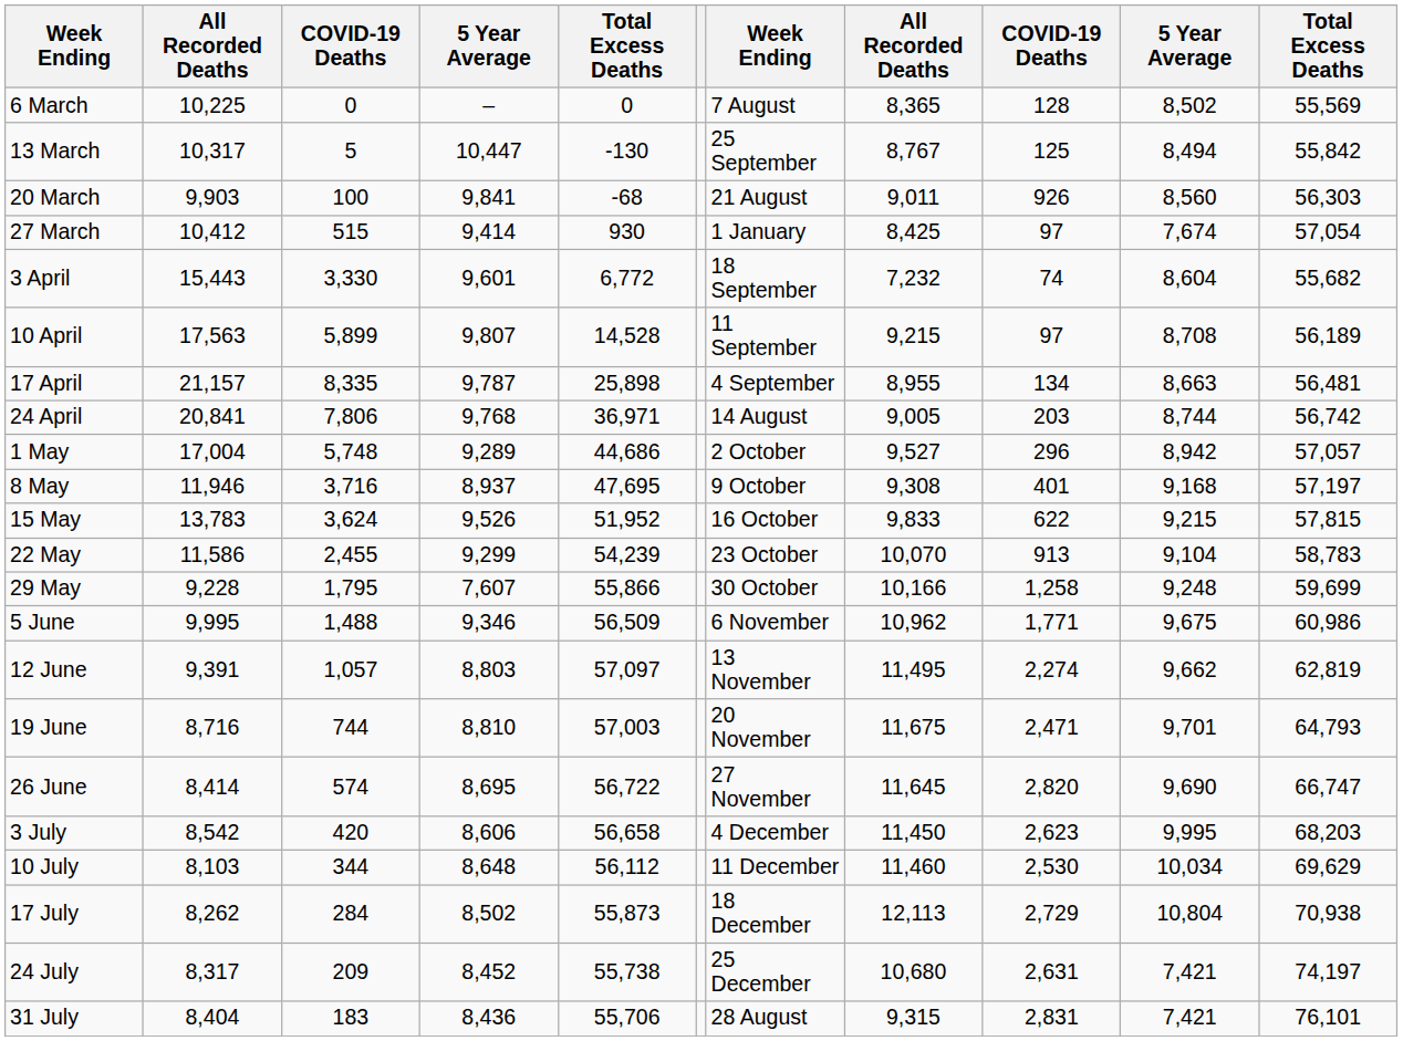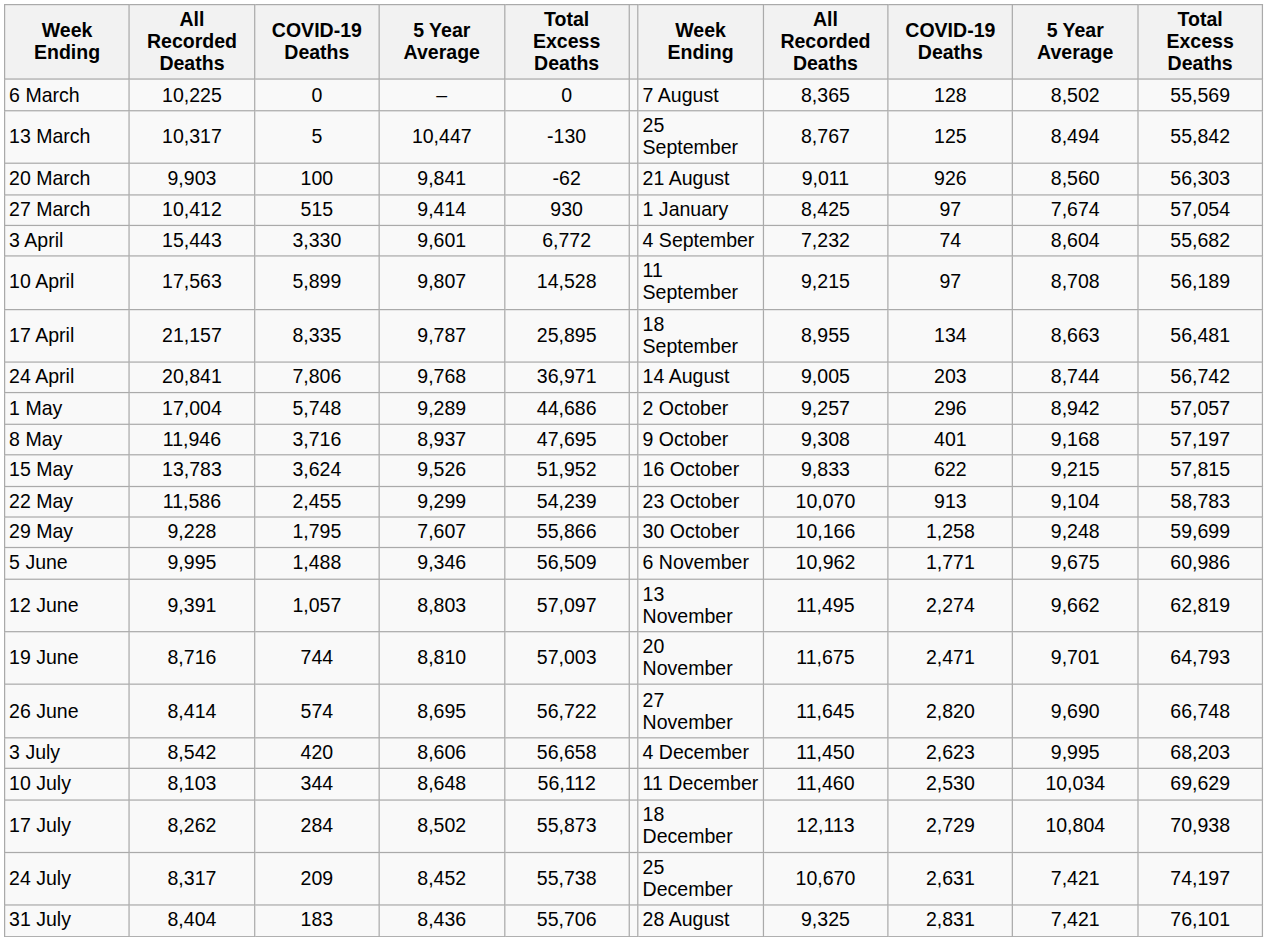 <table class="wikitable">
 <tr>
 <th>Week Ending</th>
 <th>All Recorded Deaths</th>
 <th>COVID-19 Deaths</th>
 <th>5 Year Average</th>
 <th>Total Excess Deaths</th>
 <th></th>
 <th>Week Ending</th>
 <th>All Recorded Deaths</th>
 <th>COVID-19 Deaths</th>
 <th>5 Year Average</th>
 <th>Total Excess Deaths</th>
 </tr>
 <tr>
 <td style="width: 95px">6 March</td>
 <td style="width: 95px; text-align:center">10,225</td>
 <td style="width: 95px; text-align:center">0</td>
 <td style="width: 95px; text-align:center">–</td>
 <td style="width: 95px; text-align:center">0</td>
 <td></td>
 <td style="width: 95px">7 August</td>
 <td style="width: 95px; text-align:center">8,365</td>
 <td style="width: 95px; text-align:center">128</td>
 <td style="width: 95px; text-align:center">8,502</td>
 <td style="width: 95px; text-align:center">55,569</td>
 </tr>
 <tr>
 <td style="width: 95px">13 March</td>
 <td style="width: 95px; text-align:center">10,317</td>
 <td style="width: 95px; text-align:center">5</td>
 <td style="width: 95px; text-align:center">10,447</td>
 <td style="width: 95px; text-align:center">-130</td>
 <td></td>
 <td>25 September</td>
 <td style="width: 95px; text-align:center">8,767</td>
 <td style="width: 95px; text-align:center">125</td>
 <td style="width: 95px; text-align:center">8,494</td>
 <td style="width: 95px; text-align:center">55,842</td>
 </tr>
 <tr>
 <td>20 March</td>
 <td style=" text-align:center">9,903</td>
 <td style=" text-align:center">100</td>
 <td style=" text-align:center">9,841</td>
-<td style=" text-align:center">-68</td>
+<td style=" text-align:center">-62</td>
 <td></td>
 <td>21 August</td>
 <td style=" text-align:center">9,011</td>
 <td style=" text-align:center">926</td>
 <td style=" text-align:center">8,560</td>
 <td style=" text-align:center">56,303</td>
 </tr>
 <tr>
 <td>27 March</td>
 <td style=" text-align:center">10,412</td>
 <td style=" text-align:center">515</td>
 <td style=" text-align:center">9,414</td>
 <td style=" text-align:center">930</td>
 <td></td>
 <td>1 January</td>
 <td style=" text-align:center">8,425</td>
 <td style=" text-align:center">97</td>
 <td style=" text-align:center">7,674</td>
 <td style=" text-align:center">57,054</td>
 </tr>
 <tr>
 <td>3 April</td>
 <td style=" text-align:center">15,443</td>
 <td style=" text-align:center">3,330</td>
 <td style=" text-align:center">9,601</td>
 <td style=" text-align:center">6,772</td>
 <td></td>
-<td>18 September</td>
+<td>4 September</td>
 <td style=" text-align:center">7,232</td>
 <td style=" text-align:center">74</td>
 <td style=" text-align:center">8,604</td>
 <td style=" text-align:center">55,682</td>
 </tr>
 <tr>
 <td>10 April</td>
 <td style=" text-align:center">17,563</td>
 <td style=" text-align:center">5,899</td>
 <td style=" text-align:center">9,807</td>
 <td style=" text-align:center">14,528</td>
 <td></td>
 <td>11 September</td>
 <td style=" text-align:center">9,215</td>
 <td style=" text-align:center">97</td>
 <td style=" text-align:center">8,708</td>
 <td style=" text-align:center">56,189</td>
 </tr>
 <tr>
 <td>17 April</td>
 <td style=" text-align:center">21,157</td>
 <td style=" text-align:center">8,335</td>
 <td style=" text-align:center">9,787</td>
-<td style=" text-align:center">25,898</td>
+<td style=" text-align:center">25,895</td>
 <td></td>
-<td>4 September</td>
+<td>18 September</td>
 <td style=" text-align:center">8,955</td>
 <td style=" text-align:center">134</td>
 <td style=" text-align:center">8,663</td>
 <td style=" text-align:center">56,481</td>
 </tr>
 <tr>
 <td>24 April</td>
 <td style=" text-align:center">20,841</td>
 <td style=" text-align:center">7,806</td>
 <td style=" text-align:center">9,768</td>
 <td style=" text-align:center">36,971</td>
 <td></td>
 <td style="width: 95px">14 August</td>
 <td style=" text-align:center">9,005</td>
 <td style=" text-align:center">203</td>
 <td style=" text-align:center">8,744</td>
 <td style=" text-align:center">56,742</td>
 </tr>
 <tr>
 <td>1 May</td>
 <td style=" text-align:center">17,004</td>
 <td style=" text-align:center">5,748</td>
 <td style=" text-align:center">9,289</td>
 <td style=" text-align:center">44,686</td>
 <td></td>
 <td>2 October</td>
-<td style=" text-align:center">9,527</td>
+<td style=" text-align:center">9,257</td>
 <td style=" text-align:center">296</td>
 <td style=" text-align:center">8,942</td>
 <td style=" text-align:center">57,057</td>
 </tr>
 <tr>
 <td>8 May</td>
 <td style=" text-align:center">11,946</td>
 <td style=" text-align:center">3,716</td>
 <td style=" text-align:center">8,937</td>
 <td style=" text-align:center">47,695</td>
 <td></td>
 <td>9 October</td>
 <td style=" text-align:center">9,308</td>
 <td style=" text-align:center">401</td>
 <td style=" text-align:center">9,168</td>
 <td style=" text-align:center">57,197</td>
 </tr>
 <tr>
 <td>15 May</td>
 <td style=" text-align:center">13,783</td>
 <td style=" text-align:center">3,624</td>
 <td style=" text-align:center">9,526</td>
 <td style=" text-align:center">51,952</td>
 <td></td>
 <td>16 October</td>
 <td style=" text-align:center">9,833</td>
 <td style=" text-align:center">622</td>
 <td style=" text-align:center">9,215</td>
 <td style=" text-align:center">57,815</td>
 </tr>
 <tr>
 <td>22 May</td>
 <td style=" text-align:center">11,586</td>
 <td style=" text-align:center">2,455</td>
 <td style=" text-align:center">9,299</td>
 <td style=" text-align:center">54,239</td>
 <td></td>
 <td>23 October</td>
 <td style=" text-align:center">10,070</td>
 <td style=" text-align:center">913</td>
 <td style=" text-align:center">9,104</td>
 <td style=" text-align:center">58,783</td>
 </tr>
 <tr>
 <td>29 May</td>
 <td style=" text-align:center">9,228</td>
 <td style=" text-align:center">1,795</td>
 <td style=" text-align:center">7,607</td>
 <td style=" text-align:center">55,866</td>
 <td></td>
 <td>30 October</td>
 <td style=" text-align:center">10,166</td>
 <td style=" text-align:center">1,258</td>
 <td style=" text-align:center">9,248</td>
 <td style=" text-align:center">59,699</td>
 </tr>
 <tr>
 <td>5 June</td>
 <td style=" text-align:center">9,995</td>
 <td style=" text-align:center">1,488</td>
 <td style=" text-align:center">9,346</td>
 <td style=" text-align:center">56,509</td>
 <td></td>
 <td>6 November</td>
 <td style=" text-align:center">10,962</td>
 <td style=" text-align:center">1,771</td>
 <td style=" text-align:center">9,675</td>
 <td style=" text-align:center">60,986</td>
 </tr>
 <tr>
 <td>12 June</td>
 <td style=" text-align:center">9,391</td>
 <td style=" text-align:center">1,057</td>
 <td style=" text-align:center">8,803</td>
 <td style=" text-align:center">57,097</td>
 <td></td>
 <td>13 November</td>
 <td style=" text-align:center">11,495</td>
 <td style=" text-align:center">2,274</td>
 <td style=" text-align:center">9,662</td>
 <td style=" text-align:center">62,819</td>
 </tr>
 <tr>
 <td>19 June</td>
 <td style=" text-align:center">8,716</td>
 <td style=" text-align:center">744</td>
 <td style=" text-align:center">8,810</td>
 <td style=" text-align:center">57,003</td>
 <td></td>
 <td>20 November</td>
 <td style=" text-align:center">11,675</td>
 <td style=" text-align:center">2,471</td>
 <td style=" text-align:center">9,701</td>
 <td style=" text-align:center">64,793</td>
 </tr>
 <tr>
 <td>26 June</td>
 <td style=" text-align:center">8,414</td>
 <td style=" text-align:center">574</td>
 <td style=" text-align:center">8,695</td>
 <td style=" text-align:center">56,722</td>
 <td></td>
 <td>27 November</td>
 <td style=" text-align:center">11,645</td>
 <td style=" text-align:center">2,820</td>
 <td style=" text-align:center">9,690</td>
-<td style=" text-align:center">66,747</td>
+<td style=" text-align:center">66,748</td>
 </tr>
 <tr>
 <td>3 July</td>
 <td style=" text-align:center">8,542</td>
 <td style=" text-align:center">420</td>
 <td style=" text-align:center">8,606</td>
 <td style=" text-align:center">56,658</td>
 <td></td>
 <td>4 December</td>
 <td style=" text-align:center">11,450</td>
 <td style=" text-align:center">2,623</td>
 <td style=" text-align:center">9,995</td>
 <td style=" text-align:center">68,203</td>
 </tr>
 <tr>
 <td>10 July</td>
 <td style=" text-align:center">8,103</td>
 <td style=" text-align:center">344</td>
 <td style=" text-align:center">8,648</td>
 <td style=" text-align:center">56,112</td>
 <td></td>
 <td>11 December</td>
 <td style=" text-align:center">11,460</td>
 <td style=" text-align:center">2,530</td>
 <td style=" text-align:center">10,034</td>
 <td style=" text-align:center">69,629</td>
 </tr>
 <tr>
 <td>17 July</td>
 <td style=" text-align:center">8,262</td>
 <td style=" text-align:center">284</td>
 <td style=" text-align:center">8,502</td>
 <td style=" text-align:center">55,873</td>
 <td></td>
 <td>18 December</td>
 <td style=" text-align:center">12,113</td>
 <td style=" text-align:center">2,729</td>
 <td style=" text-align:center">10,804</td>
 <td style=" text-align:center">70,938</td>
 </tr>
 <tr>
 <td>24 July</td>
 <td style=" text-align:center">8,317</td>
 <td style=" text-align:center">209</td>
 <td style=" text-align:center">8,452</td>
 <td style=" text-align:center">55,738</td>
 <td></td>
 <td>25 December</td>
-<td style=" text-align:center">10,680</td>
+<td style=" text-align:center">10,670</td>
 <td style=" text-align:center">2,631</td>
 <td style=" text-align:center">7,421</td>
 <td style=" text-align:center">74,197</td>
 </tr>
 <tr>
 <td>31 July</td>
 <td style=" text-align:center">8,404</td>
 <td style=" text-align:center">183</td>
 <td style=" text-align:center">8,436</td>
 <td style=" text-align:center">55,706</td>
 <td></td>
 <td>28 August</td>
-<td style=" text-align:center">9,315</td>
+<td style=" text-align:center">9,325</td>
 <td style=" text-align:center">2,831</td>
 <td style=" text-align:center">7,421</td>
 <td style=" text-align:center">76,101</td>
 </tr>
 </table>
